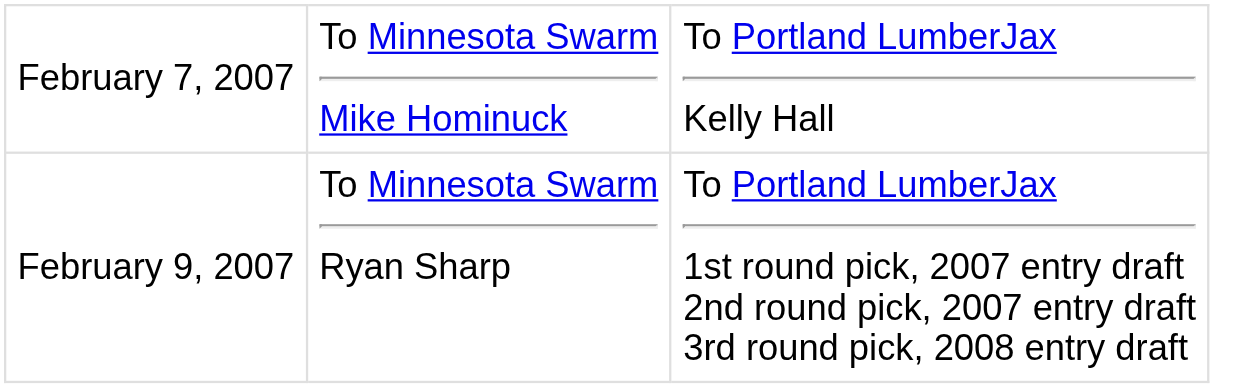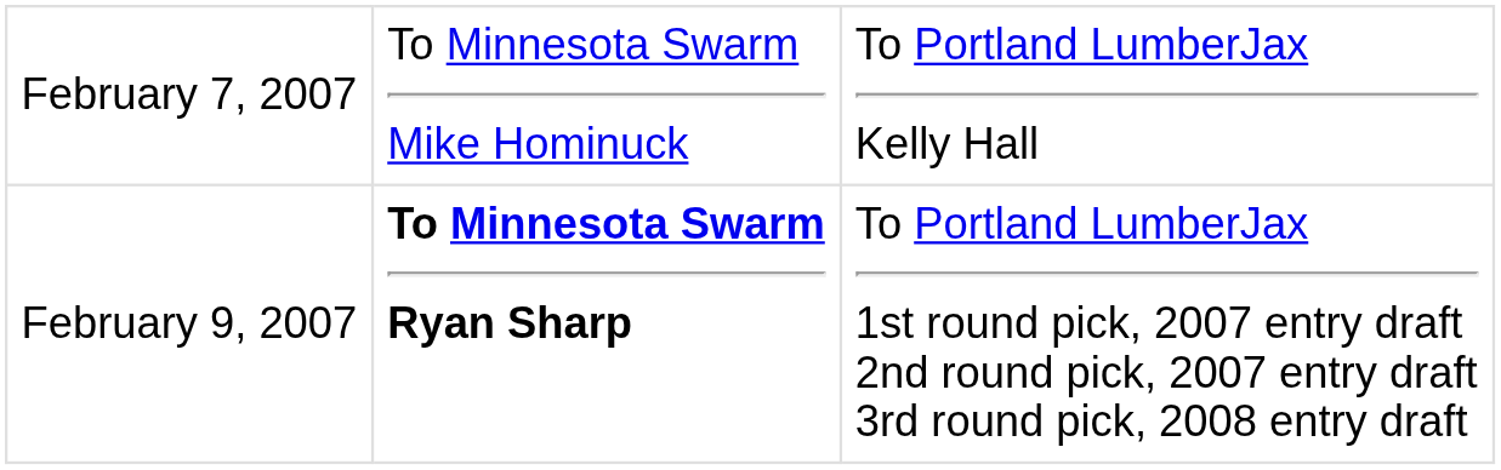 <table border=1 style="border-collapse:collapse" bordercolor="#DFDFDF"  cellpadding="5">
 <tr>
 <td>February 7, 2007<br></td>
 <td valign="top">To <a href='#'>Minnesota Swarm</a> <hr> <a href='#'>Mike Hominuck</a></td>
 <td valign="top">To <a href='#'>Portland LumberJax</a> <hr>Kelly Hall</td>
 </tr>
 <tr>
 <td>February 9, 2007<br></td>
-<td valign="top">To <a href='#'>Minnesota Swarm</a> <hr> Ryan Sharp</td>
+<td valign="top"><strong>To <a href='#'>Minnesota Swarm</a> <hr> Ryan Sharp</strong></td>
 <td valign="top">To <a href='#'>Portland LumberJax</a> <hr>1st round pick, 2007 entry draft<br>2nd round pick, 2007 entry draft<br>3rd round pick, 2008 entry draft</td>
 </tr>
 </table>
